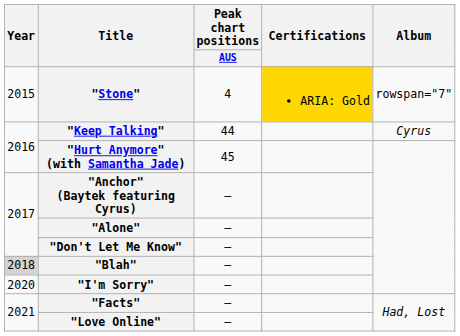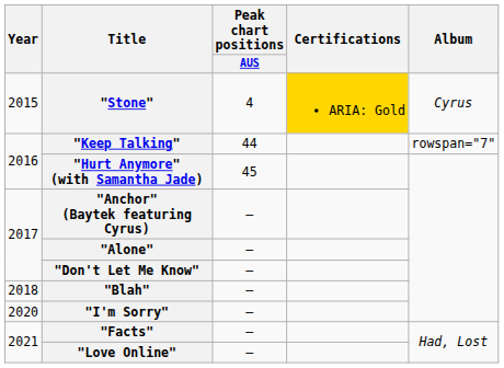 <table class="wikitable plainrowheaders" style="text-align:center;">
 <tr>
 <th scope="col" rowspan="2" style="width:1em;">Year</th>
 <th scope="col" rowspan="2" style="width:13em;">Title</th>
 <th scope="col" colspan="1">Peak chart positions</th>
 <th scope="col" rowspan="2">Certifications</th>
 <th scope="col" rowspan="2">Album</th>
 </tr>
 <tr>
 <th scope="col" style="width:3em;font-size:85%;"><a href='#'>AUS</a><br></th>
 </tr>
 <tr>
 <td>2015</td>
 <th scope="row">"<a href='#'>Stone</a>"</th>
 <td>4</td>
 <td style="background: gold;"><br><ul><li>ARIA: Gold</li></ul></td>
-<td>rowspan="7" </td>
+<td><em>Cyrus</em></td>
 </tr>
 <tr>
 <td rowspan="2">2016</td>
 <th scope="row">"<a href='#'>Keep Talking</a>"</th>
 <td>44</td>
 <td></td>
-<td><em>Cyrus</em></td>
+<td>rowspan="7" </td>
 </tr>
 <tr>
 <th scope="row">"<a href='#'>Hurt Anymore</a>"<br><span>(with <a href='#'>Samantha Jade</a>)</span></th>
 <td>45</td>
 <td></td>
 </tr>
 <tr>
 <td rowspan="3">2017</td>
 <th scope="row">"Anchor"<br><span>(Baytek featuring Cyrus)</span></th>
 <td>—</td>
 <td></td>
 </tr>
 <tr>
 <th scope="row">"Alone"</th>
 <td>—</td>
 <td></td>
 </tr>
 <tr>
 <th scope="row">"Don't Let Me Know"</th>
 <td>—</td>
 <td></td>
 </tr>
 <tr>
-<td style="background: lightgrey;">2018</td>
+<td>2018</td>
 <th scope="row">"Blah"</th>
 <td>—</td>
 <td></td>
 </tr>
 <tr>
 <td>2020</td>
 <th scope="row">"I'm Sorry"</th>
 <td>—</td>
 <td></td>
 </tr>
 <tr>
 <td rowspan="2">2021</td>
 <th scope="row">"Facts"</th>
 <td>—</td>
 <td></td>
 <td rowspan="2"><em>Had, Lost</em></td>
 </tr>
 <tr>
 <th scope="row">"Love Online"</th>
 <td>—</td>
 <td></td>
 </tr>
 </table>
